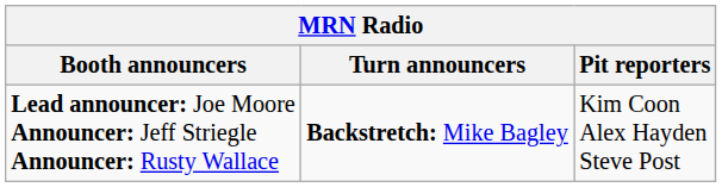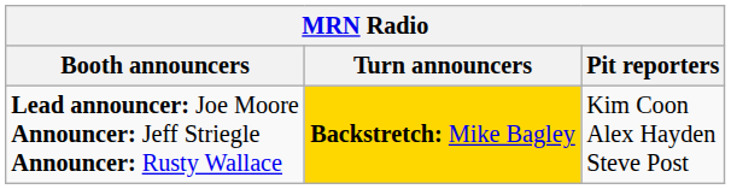 <table class="wikitable" style="font-size: 95%;">
 <tr>
 <th colspan="3"><a href='#'>MRN</a> Radio</th>
 </tr>
 <tr>
 <th>Booth announcers</th>
 <th>Turn announcers</th>
 <th>Pit reporters</th>
 </tr>
 <tr>
 <td><strong>Lead announcer:</strong> Joe Moore<br><strong>Announcer:</strong> Jeff Striegle<br><strong>Announcer:</strong> <a href='#'>Rusty Wallace</a></td>
-<td><strong>Backstretch:</strong> <a href='#'>Mike Bagley</a></td>
+<td style="background: gold;"><strong>Backstretch:</strong> <a href='#'>Mike Bagley</a></td>
 <td>Kim Coon<br>Alex Hayden<br>Steve Post</td>
 </tr>
 </table>
